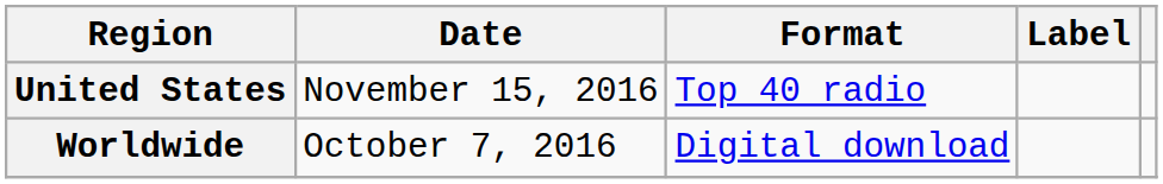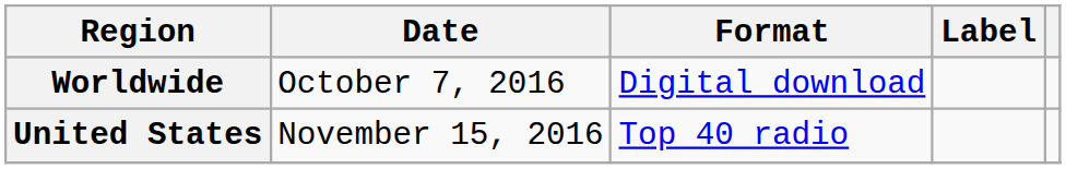 <table class="wikitable sortable plainrowheaders">
 <tr>
 <th scope="col">Region</th>
 <th scope="col">Date</th>
 <th scope="col">Format</th>
 <th scope="col">Label</th>
 <th scope="col"></th>
 </tr>
 <tr>
+<th scope="row">Worldwide</th>
+<td>October 7, 2016</td>
+<td><a href='#'>Digital download</a></td>
+<td></td>
+<td></td>
+</tr>
+<tr>
 <th scope="row">United States</th>
 <td>November 15, 2016</td>
 <td><a href='#'>Top 40 radio</a></td>
 <td></td>
 <td></td>
 </tr>
 <tr>
-<th scope="row">Worldwide</th>
-<td>October 7, 2016</td>
-<td><a href='#'>Digital download</a></td>
-<td></td>
-<td></td>
-</tr>
-<tr>
 </tr>
 </table>
